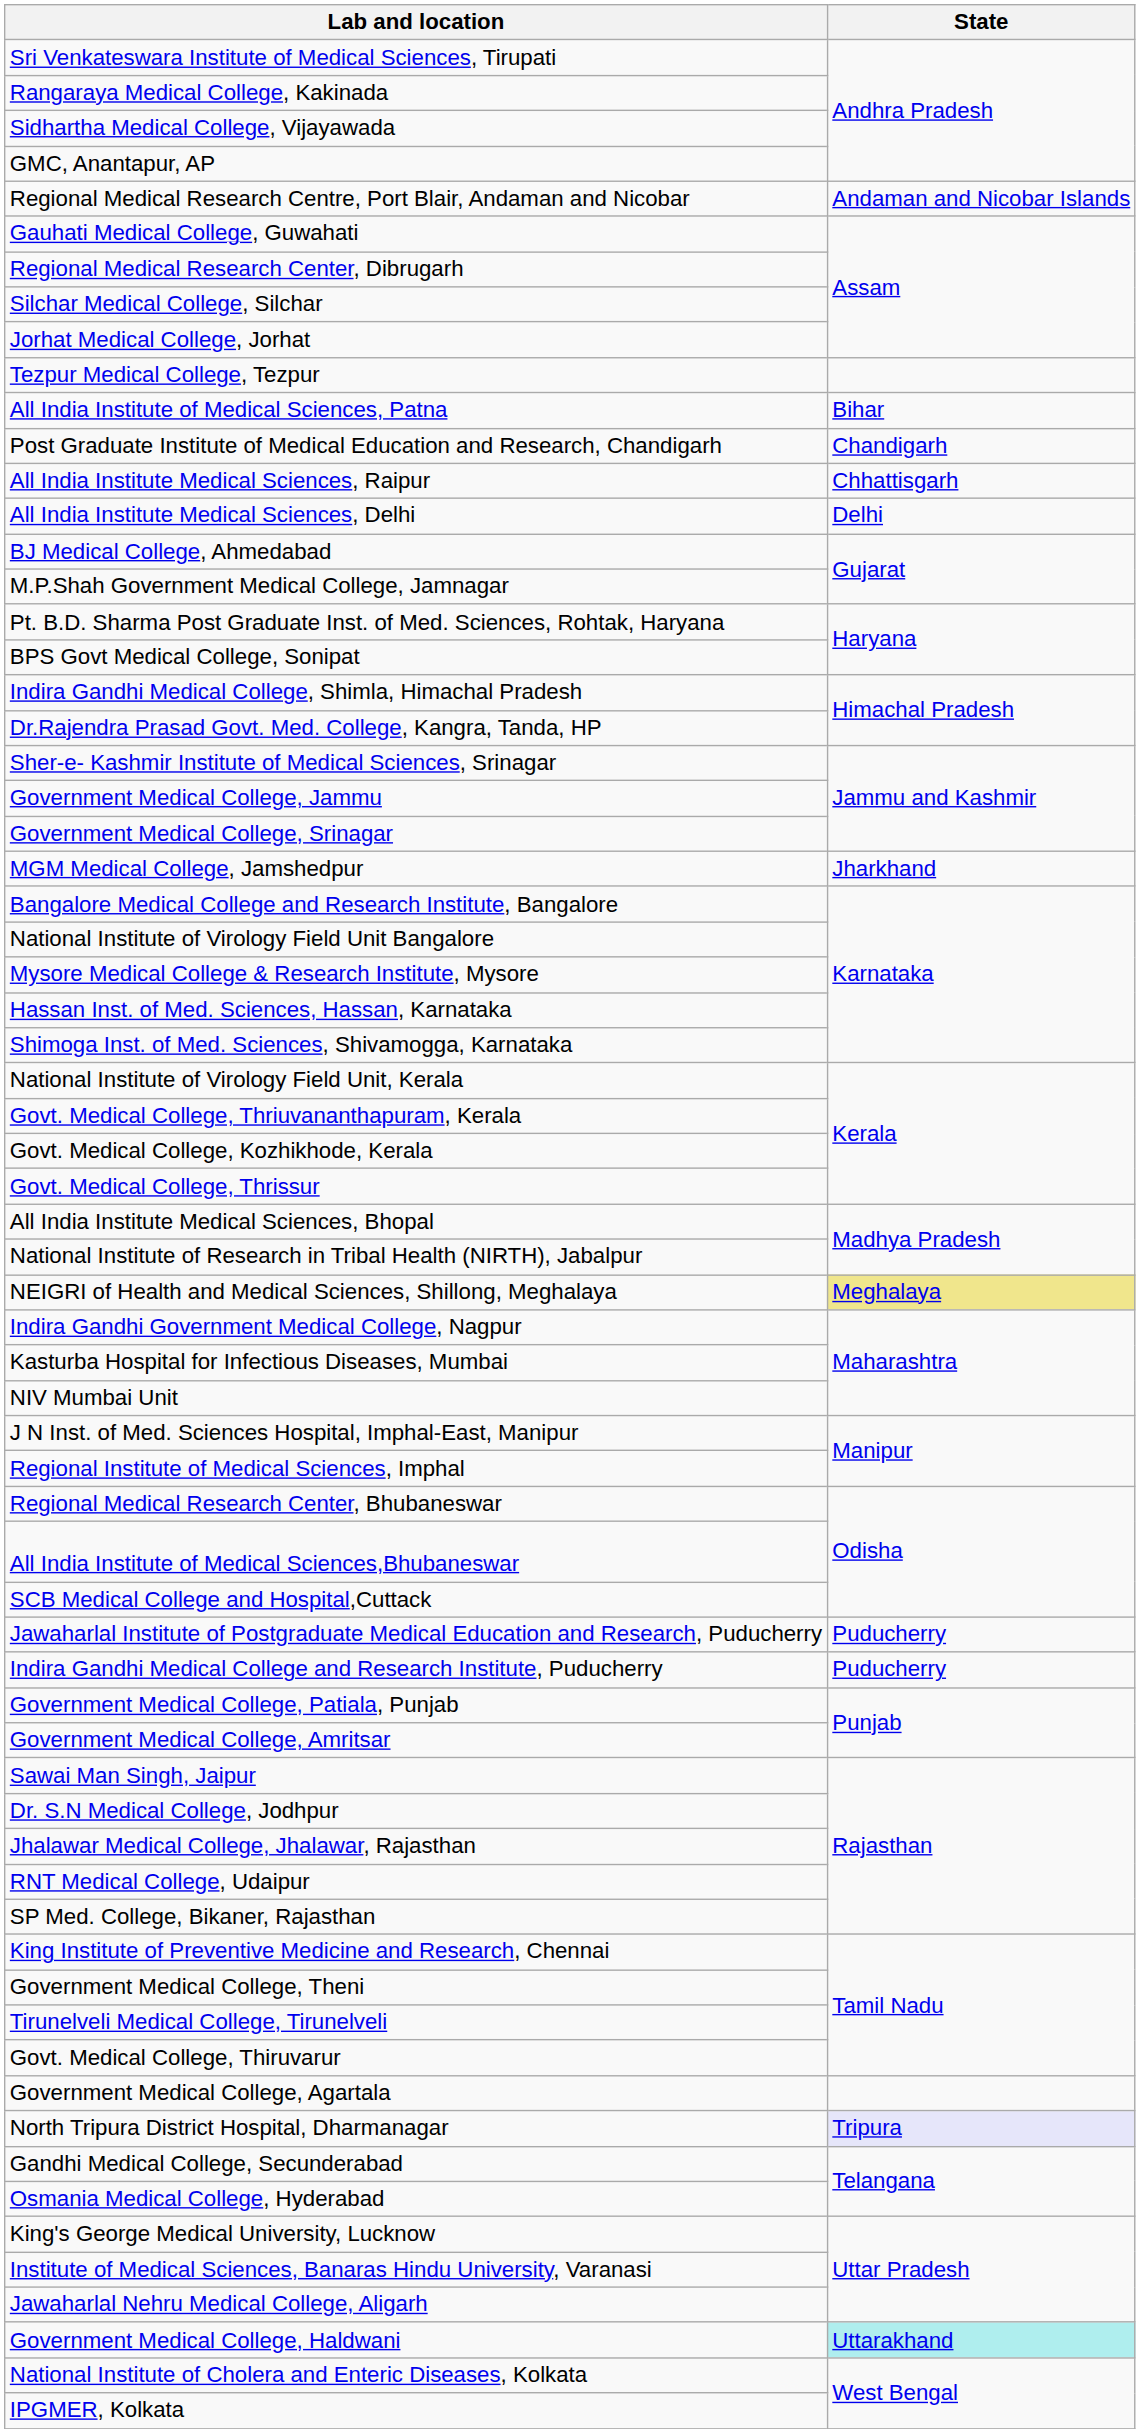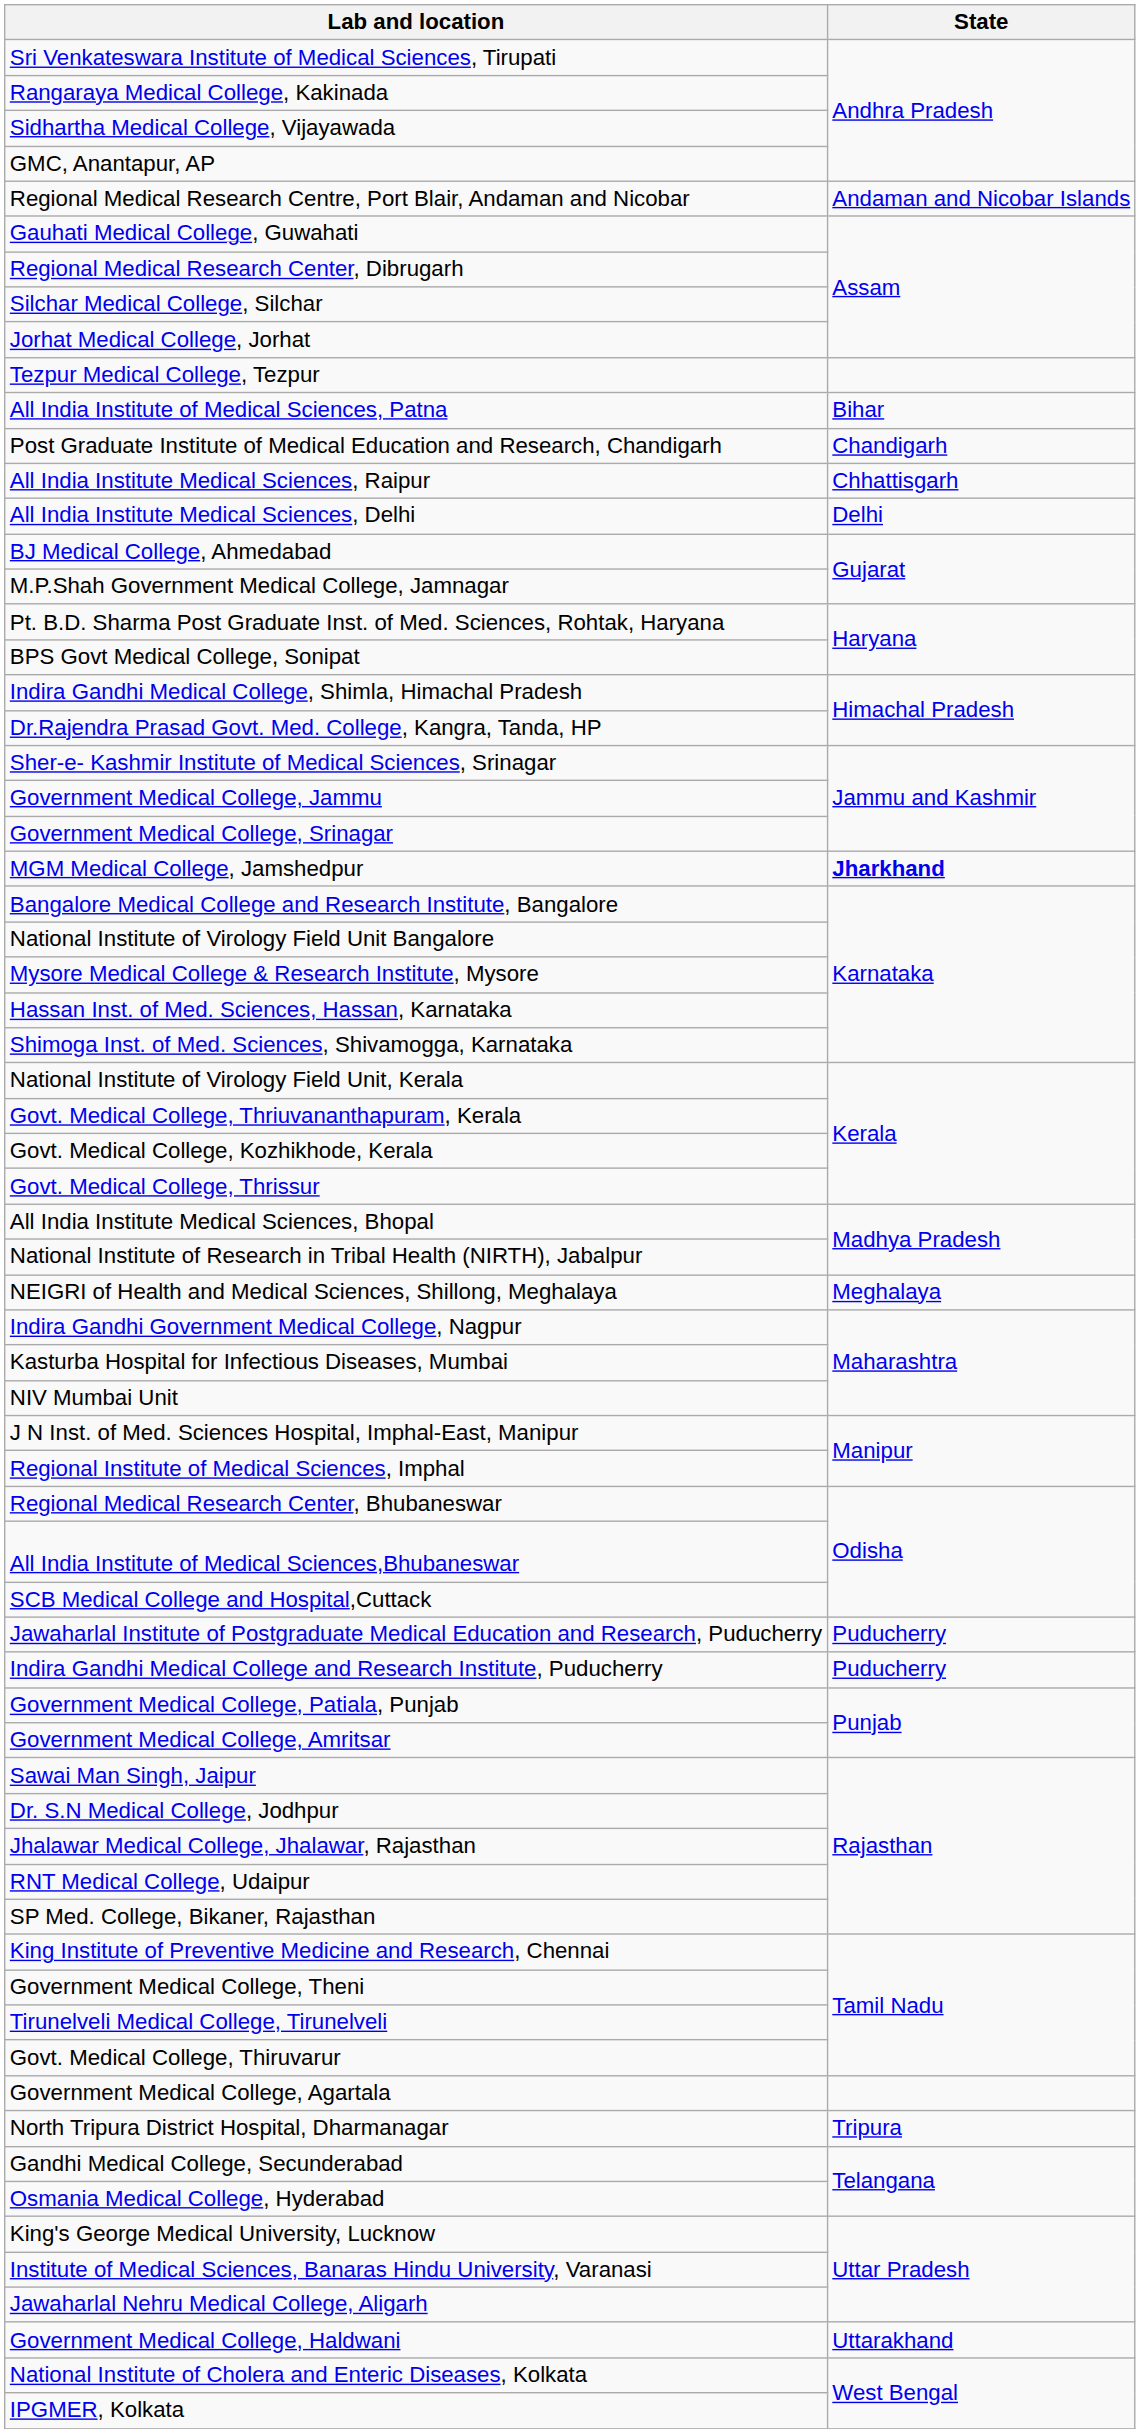 <table class="wikitable collapsible sortable">
 <tr>
 <th>Lab and location</th>
 <th>State</th>
 </tr>
 <tr>
 <td><a href='#'>Sri Venkateswara Institute of Medical Sciences</a>, Tirupati</td>
 <td rowspan="4"><a href='#'>Andhra Pradesh</a></td>
 </tr>
 <tr>
 <td><a href='#'>Rangaraya Medical College</a>, Kakinada</td>
 </tr>
 <tr>
 <td><a href='#'>Sidhartha Medical College</a>, Vijayawada</td>
 </tr>
 <tr>
 <td>GMC, Anantapur, AP</td>
 </tr>
 <tr>
 <td>Regional Medical Research Centre, Port Blair, Andaman and Nicobar</td>
 <td><a href='#'>Andaman and Nicobar Islands</a></td>
 </tr>
 <tr>
 <td><a href='#'>Gauhati Medical College</a>, Guwahati</td>
 <td rowspan="4"><a href='#'>Assam</a></td>
 </tr>
 <tr>
 <td><a href='#'>Regional Medical Research Center</a>, Dibrugarh</td>
 </tr>
 <tr>
 <td><a href='#'>Silchar Medical College</a>, Silchar</td>
 </tr>
 <tr>
 <td><a href='#'>Jorhat Medical College</a>, Jorhat</td>
 </tr>
 <tr>
 <td><a href='#'>Tezpur Medical College</a>, Tezpur</td>
 </tr>
 <tr>
 <td><a href='#'>All India Institute of Medical Sciences, Patna</a></td>
 <td><a href='#'>Bihar</a></td>
 </tr>
 <tr>
 <td>Post Graduate Institute of Medical Education and Research, Chandigarh</td>
 <td><a href='#'>Chandigarh</a></td>
 </tr>
 <tr>
 <td><a href='#'>All India Institute Medical Sciences</a>, Raipur</td>
 <td><a href='#'>Chhattisgarh</a></td>
 </tr>
 <tr>
 <td><a href='#'>All India Institute Medical Sciences</a>, Delhi</td>
 <td><a href='#'>Delhi</a></td>
 </tr>
 <tr>
 <td><a href='#'>BJ Medical College</a>, Ahmedabad</td>
 <td rowspan="2"><a href='#'>Gujarat</a></td>
 </tr>
 <tr>
 <td>M.P.Shah Government Medical College, Jamnagar</td>
 </tr>
 <tr>
 <td>Pt. B.D. Sharma Post Graduate Inst. of Med. Sciences, Rohtak, Haryana</td>
 <td rowspan="2"><a href='#'>Haryana</a></td>
 </tr>
 <tr>
 <td>BPS Govt Medical College, Sonipat</td>
 </tr>
 <tr>
 <td><a href='#'>Indira Gandhi Medical College</a>, Shimla, Himachal Pradesh</td>
 <td rowspan="2"><a href='#'>Himachal Pradesh</a></td>
 </tr>
 <tr>
 <td><a href='#'>Dr.Rajendra Prasad Govt. Med. College</a>, Kangra, Tanda, HP</td>
 </tr>
 <tr>
 <td><a href='#'>Sher-e- Kashmir Institute of Medical Sciences</a>, Srinagar</td>
 <td rowspan="3"><a href='#'>Jammu and Kashmir</a></td>
 </tr>
 <tr>
 <td><a href='#'>Government Medical College, Jammu</a></td>
 </tr>
 <tr>
 <td><a href='#'>Government Medical College, Srinagar</a></td>
 </tr>
 <tr>
 <td><a href='#'>MGM Medical College</a>, Jamshedpur</td>
-<td><a href='#'>Jharkhand</a></td>
+<td><strong><a href='#'>Jharkhand</a></strong></td>
 </tr>
 <tr>
 <td><a href='#'>Bangalore Medical College and Research Institute</a>, Bangalore</td>
 <td rowspan="5"><a href='#'>Karnataka</a></td>
 </tr>
 <tr>
 <td>National Institute of Virology Field Unit Bangalore</td>
 </tr>
 <tr>
 <td><a href='#'>Mysore Medical College & Research Institute</a>, Mysore</td>
 </tr>
 <tr>
 <td><a href='#'>Hassan Inst. of Med. Sciences, Hassan</a>, Karnataka</td>
 </tr>
 <tr>
 <td><a href='#'>Shimoga Inst. of Med. Sciences</a>, Shivamogga, Karnataka</td>
 </tr>
 <tr>
 <td>National Institute of Virology Field Unit, Kerala</td>
 <td rowspan="4"><a href='#'>Kerala</a></td>
 </tr>
 <tr>
 <td><a href='#'>Govt. Medical College, Thriuvananthapuram</a>, Kerala</td>
 </tr>
 <tr>
 <td>Govt. Medical College, Kozhikhode, Kerala</td>
 </tr>
 <tr>
 <td><a href='#'>Govt. Medical College, Thrissur</a></td>
 </tr>
 <tr>
 <td>All India Institute Medical Sciences, Bhopal</td>
 <td rowspan="2"><a href='#'>Madhya Pradesh</a></td>
 </tr>
 <tr>
 <td>National Institute of Research in Tribal Health (NIRTH), Jabalpur</td>
 </tr>
 <tr>
 <td>NEIGRI of Health and Medical Sciences, Shillong, Meghalaya</td>
-<td style="background: khaki;"><a href='#'>Meghalaya</a></td>
+<td><a href='#'>Meghalaya</a></td>
 </tr>
 <tr>
 <td><a href='#'>Indira Gandhi Government Medical College</a>, Nagpur</td>
 <td colspan="1" rowspan="3"><a href='#'>Maharashtra</a></td>
 </tr>
 <tr>
 <td>Kasturba Hospital for Infectious Diseases, Mumbai</td>
 </tr>
 <tr>
 <td>NIV Mumbai Unit</td>
 </tr>
 <tr>
 <td>J N Inst. of Med. Sciences Hospital, Imphal-East, Manipur</td>
 <td rowspan="2"><a href='#'>Manipur</a></td>
 </tr>
 <tr>
 <td><a href='#'>Regional Institute of Medical Sciences</a>, Imphal</td>
 </tr>
 <tr>
 <td><a href='#'>Regional Medical Research Center</a>, Bhubaneswar</td>
 <td rowspan="3"><a href='#'>Odisha</a></td>
 </tr>
 <tr>
 <td><br><a href='#'>All India Institute of Medical Sciences,Bhubaneswar</a></td>
 </tr>
 <tr>
 <td><a href='#'>SCB Medical College and Hospital</a>,Cuttack</td>
 </tr>
 <tr>
 <td><a href='#'>Jawaharlal Institute of Postgraduate Medical Education and Research</a>, Puducherry</td>
 <td colspan="1"><a href='#'>Puducherry</a></td>
 </tr>
 <tr>
 <td><a href='#'>Indira Gandhi Medical College and Research Institute</a>, Puducherry</td>
 <td colspan="1"><a href='#'>Puducherry</a></td>
 </tr>
 <tr>
 <td><a href='#'>Government Medical College, Patiala</a>, Punjab</td>
 <td rowspan="2"><a href='#'>Punjab</a></td>
 </tr>
 <tr>
 <td><a href='#'>Government Medical College, Amritsar</a></td>
 </tr>
 <tr>
 <td><a href='#'>Sawai Man Singh, Jaipur</a></td>
 <td rowspan="5"><a href='#'>Rajasthan</a></td>
 </tr>
 <tr>
 <td><a href='#'>Dr. S.N Medical College</a>, Jodhpur</td>
 </tr>
 <tr>
 <td><a href='#'>Jhalawar Medical College, Jhalawar</a>, Rajasthan</td>
 </tr>
 <tr>
 <td><a href='#'>RNT Medical College</a>, Udaipur</td>
 </tr>
 <tr>
 <td>SP Med. College, Bikaner, Rajasthan</td>
 </tr>
 <tr>
 <td><a href='#'>King Institute of Preventive Medicine and Research</a>, Chennai</td>
 <td rowspan="4"><a href='#'>Tamil Nadu</a></td>
 </tr>
 <tr>
 <td>Government Medical College, Theni</td>
 </tr>
 <tr>
 <td><a href='#'>Tirunelveli Medical College, Tirunelveli</a></td>
 </tr>
 <tr>
 <td>Govt. Medical College, Thiruvarur</td>
 </tr>
 <tr>
 <td>Government Medical College, Agartala</td>
 </tr>
 <tr>
 <td>North Tripura District Hospital, Dharmanagar</td>
-<td style="background: lavender;"><a href='#'>Tripura</a></td>
+<td><a href='#'>Tripura</a></td>
 </tr>
 <tr>
 <td>Gandhi Medical College, Secunderabad</td>
 <td rowspan="2"><a href='#'>Telangana</a></td>
 </tr>
 <tr>
 <td><a href='#'>Osmania Medical College</a>, Hyderabad</td>
 </tr>
 <tr>
 <td>King's George Medical University, Lucknow</td>
 <td rowspan="3"><a href='#'>Uttar Pradesh</a></td>
 </tr>
 <tr>
 <td><a href='#'>Institute of Medical Sciences, Banaras Hindu University</a>, Varanasi</td>
 </tr>
 <tr>
 <td><a href='#'>Jawaharlal Nehru Medical College, Aligarh</a></td>
 </tr>
 <tr>
 <td><a href='#'>Government Medical College, Haldwani</a></td>
-<td style="background: paleturquoise;"><a href='#'>Uttarakhand</a></td>
+<td><a href='#'>Uttarakhand</a></td>
 </tr>
 <tr>
 <td><a href='#'>National Institute of Cholera and Enteric Diseases</a>, Kolkata</td>
 <td rowspan="2"><a href='#'>West Bengal</a></td>
 </tr>
 <tr>
 <td><a href='#'>IPGMER</a>, Kolkata</td>
 </tr>
 </table>
